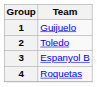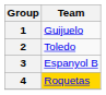 <table class="wikitable">
 <tr>
 <th>Group</th>
 <th>Team</th>
 </tr>
 <tr>
 <th>1</th>
 <td><a href='#'>Guijuelo</a></td>
 </tr>
 <tr>
 <th>2</th>
 <td><a href='#'>Toledo</a></td>
 </tr>
 <tr>
 <th>3</th>
 <td><a href='#'>Espanyol B</a></td>
 </tr>
 <tr>
 <th>4</th>
-<td><a href='#'>Roquetas</a></td>
+<td style="background: gold;"><a href='#'>Roquetas</a></td>
 </tr>
 <tr>
 </tr>
 </table>
